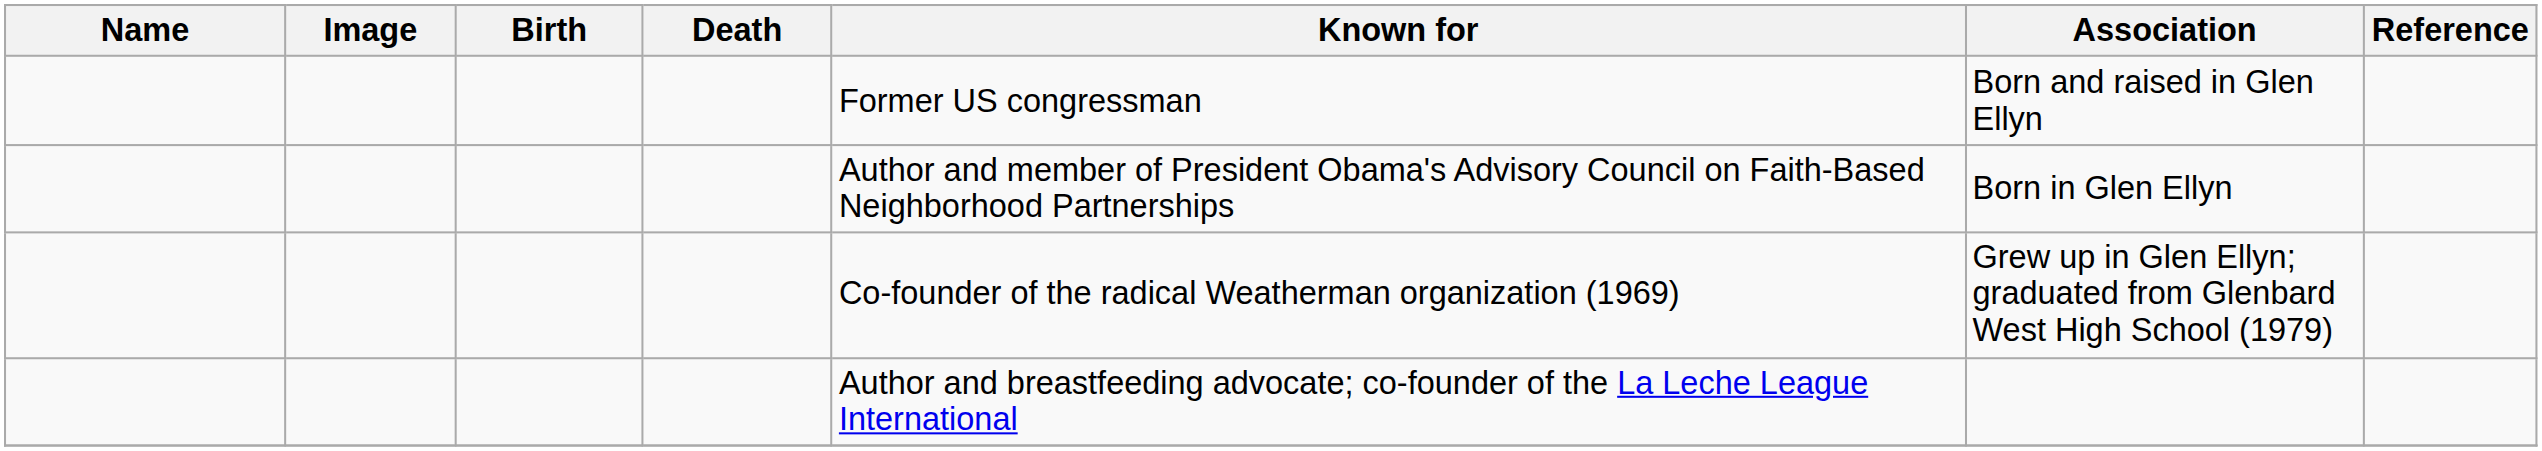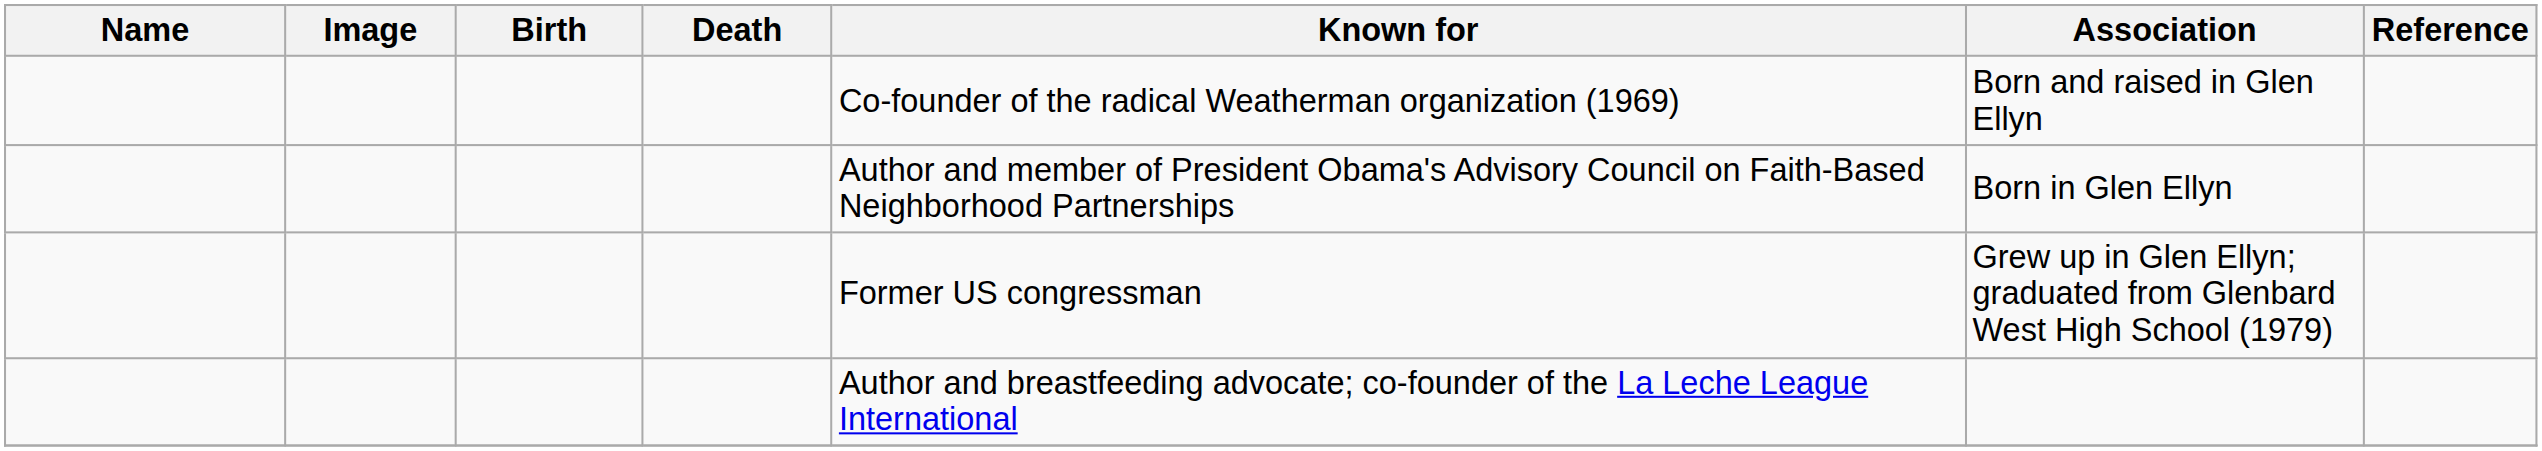 <table class="wikitable sortable">
 <tr>
 <th scope="col" width="140">Name</th>
 <th scope="col" width="80" class="unsortable">Image</th>
 <th scope="col" width="90">Birth</th>
 <th scope="col" width="90">Death</th>
 <th scope="col" width="600" class="unsortable">Known for</th>
 <th scope="col" width="200" class="unsortable">Association</th>
 <th scope="col" width="30" class="unsortable">Reference</th>
 </tr>
 <tr>
 <td></td>
 <td></td>
 <td align=right></td>
 <td></td>
-<td>Former US congressman</td>
+<td>Co-founder of the radical Weatherman organization (1969)</td>
 <td>Born and raised in Glen Ellyn</td>
 <td align="center"></td>
 </tr>
 <tr>
 <td></td>
 <td></td>
 <td></td>
 <td></td>
 <td>Author and member of President Obama's Advisory Council on Faith-Based Neighborhood Partnerships</td>
 <td>Born in Glen Ellyn</td>
 <td align="center"></td>
 </tr>
 <tr>
 <td></td>
 <td></td>
 <td align=right></td>
 <td></td>
-<td>Co-founder of the radical Weatherman organization (1969)</td>
+<td>Former US congressman</td>
 <td>Grew up in Glen Ellyn; graduated from Glenbard West High School (1979)</td>
 <td align="center"></td>
 </tr>
 <tr>
 <td></td>
 <td></td>
 <td align=right></td>
 <td align=right></td>
 <td>Author and breastfeeding advocate; co-founder of the <a href='#'>La Leche League International</a></td>
 <td></td>
 <td align="center"></td>
 </tr>
 <tr>
 </tr>
 </table>
